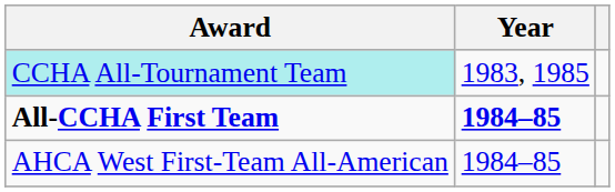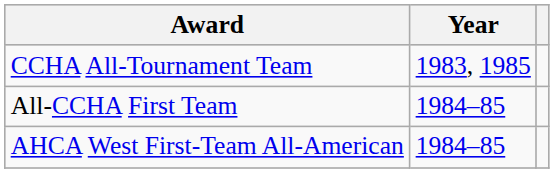 <table class="wikitable">
 <tr>
 <th>Award</th>
 <th>Year</th>
 <th></th>
 </tr>
 <tr>
-<td style="background: paleturquoise;"><a href='#'>CCHA</a> <a href='#'>All-Tournament Team</a></td>
+<td><a href='#'>CCHA</a> <a href='#'>All-Tournament Team</a></td>
 <td><a href='#'>1983</a>, <a href='#'>1985</a></td>
 <td></td>
 </tr>
 <tr>
-<td><strong>All-<a href='#'>CCHA</a> <a href='#'>First Team</a></strong></td>
-<td><strong><a href='#'>1984–85</a></strong></td>
+<td>All-<a href='#'>CCHA</a> <a href='#'>First Team</a></td>
+<td><a href='#'>1984–85</a></td>
 <td></td>
 </tr>
 <tr>
 <td><a href='#'>AHCA</a> <a href='#'>West First-Team All-American</a></td>
 <td><a href='#'>1984–85</a></td>
 <td></td>
 </tr>
 </table>
